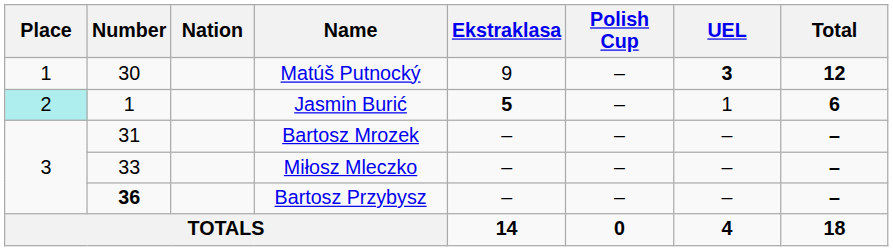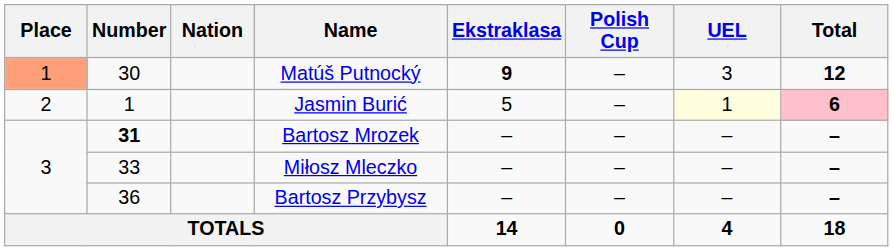 <table class="wikitable" style="font-size: 100%; text-align: center;">
 <tr>
 <th width=60>Place</th>
 <th width=60>Number</th>
 <th width=60>Nation</th>
 <th width=150>Name</th>
 <th width=80><a href='#'>Ekstraklasa</a></th>
 <th width=80><a href='#'>Polish Cup</a></th>
 <th width=80><a href='#'>UEL</a></th>
 <th width=80>Total</th>
 </tr>
 <tr>
-<td rowspan=1>1</td>
+<td rowspan=1 style="background: lightsalmon;">1</td>
 <td>30</td>
 <td></td>
 <td><a href='#'>Matúš Putnocký</a></td>
-<td>9</td>
+<td><strong>9</strong></td>
 <td>–</td>
-<td><strong>3</strong></td>
+<td>3</td>
 <td rowspan=1><strong>12</strong></td>
 </tr>
 <tr>
-<td rowspan=1 style="background: paleturquoise;">2</td>
+<td rowspan=1>2</td>
 <td>1</td>
 <td></td>
 <td><a href='#'>Jasmin Burić</a></td>
-<td><strong>5</strong></td>
+<td>5</td>
 <td>–</td>
-<td>1</td>
-<td rowspan=1><strong>6</strong></td>
+<td style="background: lightyellow;">1</td>
+<td rowspan=1 style="background: pink;"><strong>6</strong></td>
 </tr>
 <tr>
 <td rowspan=3>3</td>
-<td>31</td>
+<td><strong>31</strong></td>
 <td></td>
 <td><a href='#'>Bartosz Mrozek</a></td>
 <td>–</td>
 <td>–</td>
 <td>–</td>
 <td><strong>–</strong></td>
 </tr>
 <tr>
 <td>33</td>
 <td></td>
 <td><a href='#'>Miłosz Mleczko</a></td>
 <td>–</td>
 <td>–</td>
 <td>–</td>
 <td><strong>–</strong></td>
 </tr>
 <tr>
-<td><strong>36</strong></td>
+<td>36</td>
 <td></td>
 <td><a href='#'>Bartosz Przybysz</a></td>
 <td>–</td>
 <td>–</td>
 <td>–</td>
 <td><strong>–</strong></td>
 </tr>
 <tr>
 <th colspan=4>TOTALS</th>
 <td><strong>14</strong></td>
 <td><strong>0</strong></td>
 <td><strong>4</strong></td>
 <td><strong>18</strong></td>
 </tr>
 </table>
